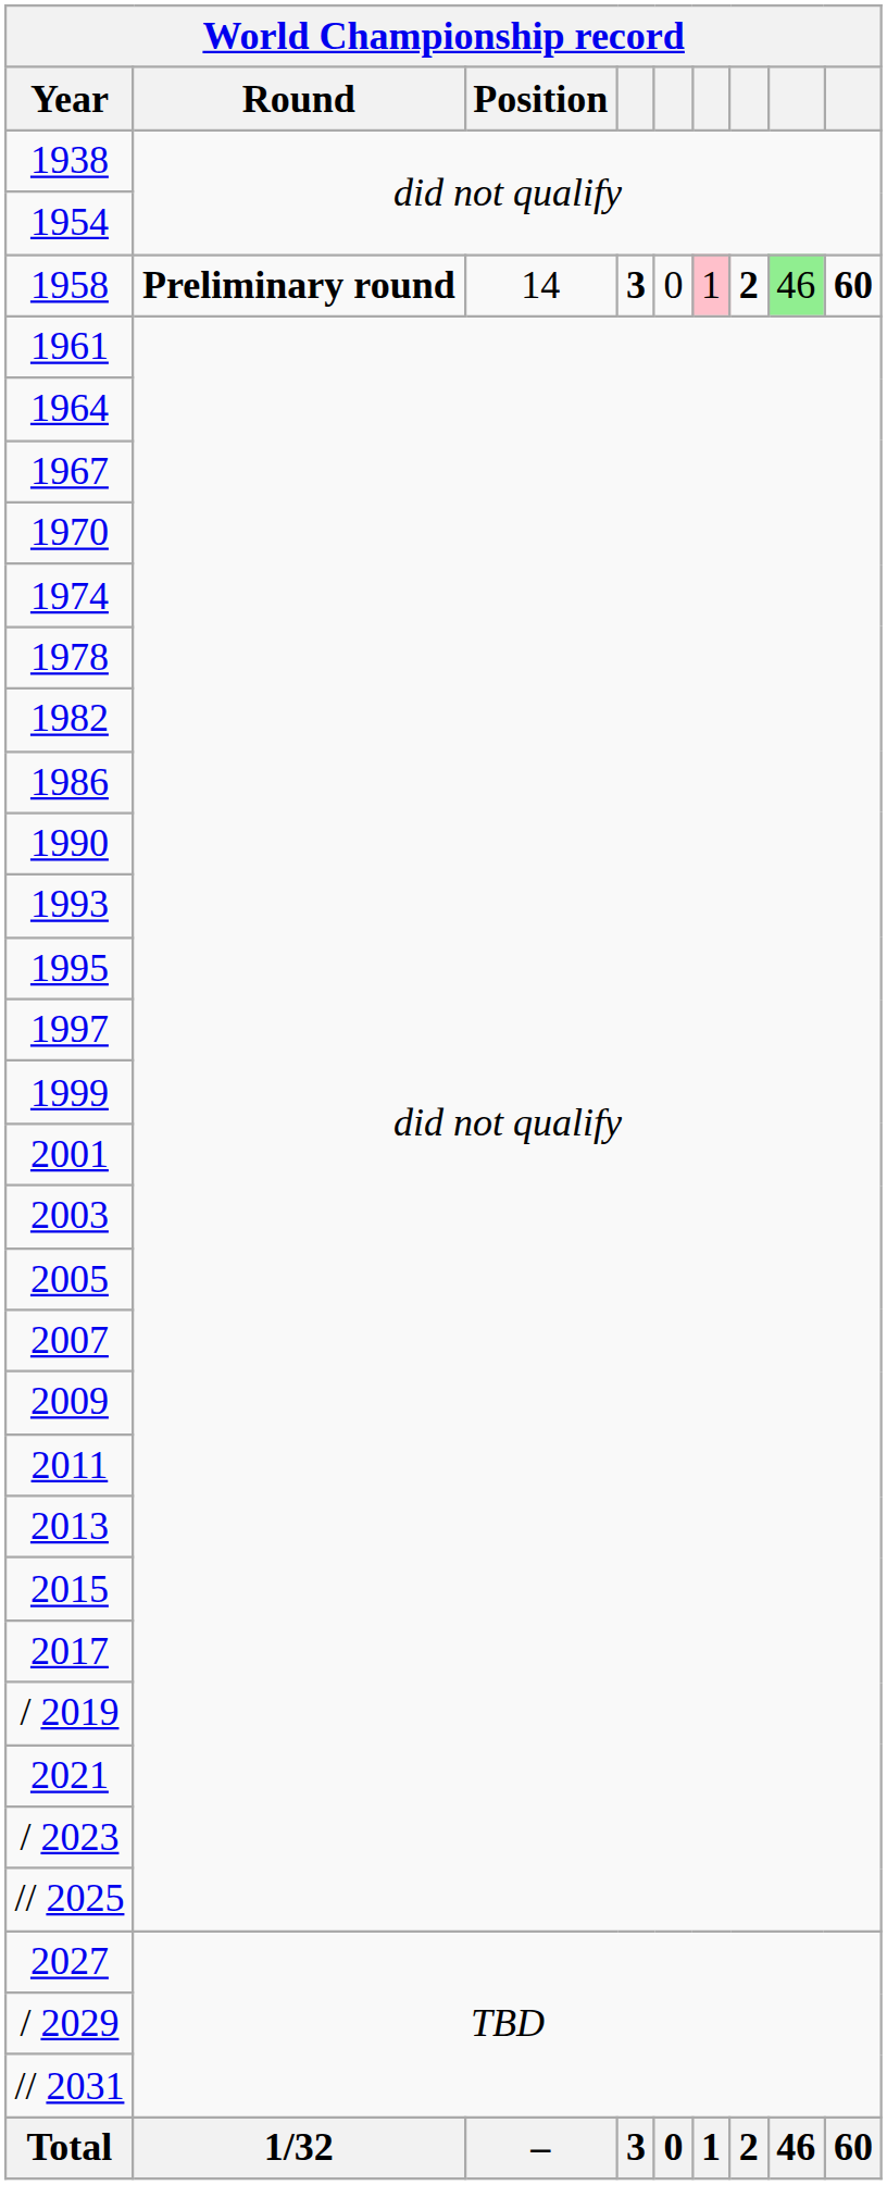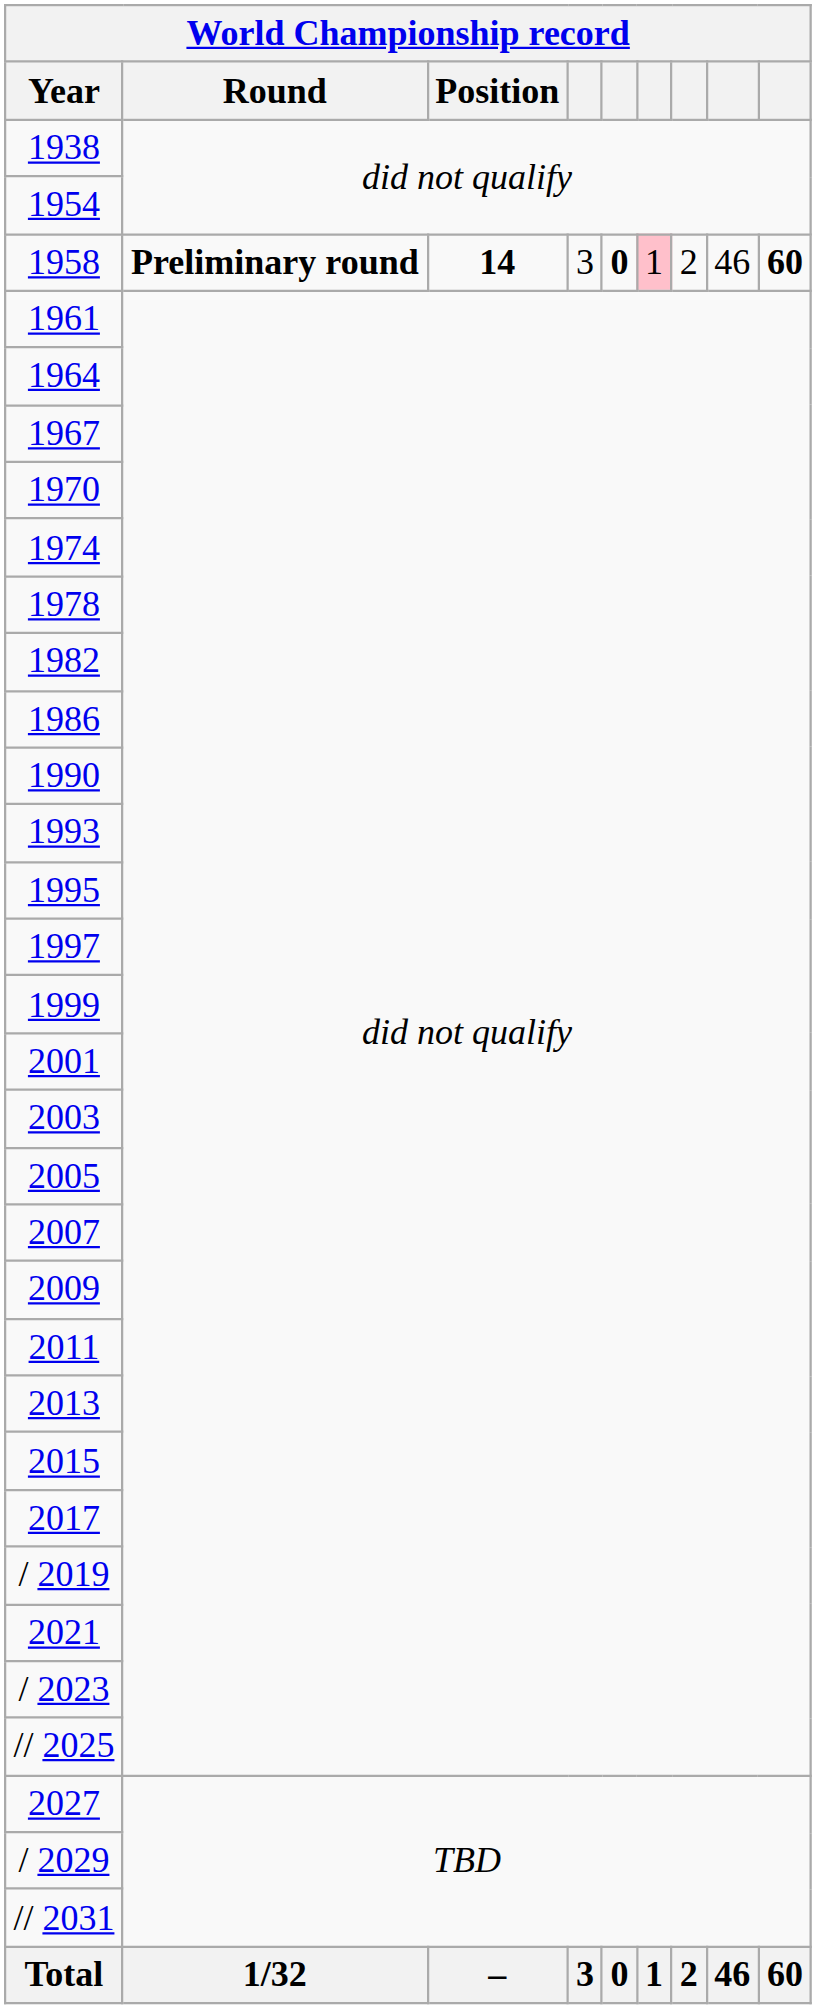 <table class="wikitable" style="text-align: center;">
 <tr>
 <th colspan=9><a href='#'>World Championship record</a></th>
 </tr>
 <tr>
 <th>Year</th>
 <th>Round</th>
 <th>Position</th>
 <th></th>
 <th></th>
 <th></th>
 <th></th>
 <th></th>
 <th></th>
 </tr>
 <tr>
 <td> <a href='#'>1938</a></td>
 <td colspan="8" rowspan="2"><em>did not qualify</em></td>
 </tr>
 <tr>
 <td> <a href='#'>1954</a></td>
 </tr>
 <tr>
 <td> <a href='#'>1958</a></td>
 <td><strong>Preliminary round</strong></td>
-<td>14</td>
-<td><strong>3</strong></td>
-<td>0</td>
+<td><strong>14</strong></td>
+<td>3</td>
+<td><strong>0</strong></td>
 <td style="background: pink;">1</td>
-<td><strong>2</strong></td>
-<td style="background: lightgreen;">46</td>
+<td>2</td>
+<td>46</td>
 <td><strong>60</strong></td>
 </tr>
 <tr>
 <td> <a href='#'>1961</a></td>
 <td colspan="8" rowspan="26"><em>did not qualify</em></td>
 </tr>
 <tr>
 <td> <a href='#'>1964</a></td>
 </tr>
 <tr>
 <td> <a href='#'>1967</a></td>
 </tr>
 <tr>
 <td> <a href='#'>1970</a></td>
 </tr>
 <tr>
 <td> <a href='#'>1974</a></td>
 </tr>
 <tr>
 <td> <a href='#'>1978</a></td>
 </tr>
 <tr>
 <td> <a href='#'>1982</a></td>
 </tr>
 <tr>
 <td> <a href='#'>1986</a></td>
 </tr>
 <tr>
 <td> <a href='#'>1990</a></td>
 </tr>
 <tr>
 <td> <a href='#'>1993</a></td>
 </tr>
 <tr>
 <td> <a href='#'>1995</a></td>
 </tr>
 <tr>
 <td> <a href='#'>1997</a></td>
 </tr>
 <tr>
 <td> <a href='#'>1999</a></td>
 </tr>
 <tr>
 <td> <a href='#'>2001</a></td>
 </tr>
 <tr>
 <td> <a href='#'>2003</a></td>
 </tr>
 <tr>
 <td> <a href='#'>2005</a></td>
 </tr>
 <tr>
 <td> <a href='#'>2007</a></td>
 </tr>
 <tr>
 <td> <a href='#'>2009</a></td>
 </tr>
 <tr>
 <td> <a href='#'>2011</a></td>
 </tr>
 <tr>
 <td> <a href='#'>2013</a></td>
 </tr>
 <tr>
 <td> <a href='#'>2015</a></td>
 </tr>
 <tr>
 <td> <a href='#'>2017</a></td>
 </tr>
 <tr>
 <td>/ <a href='#'>2019</a></td>
 </tr>
 <tr>
 <td> <a href='#'>2021</a></td>
 </tr>
 <tr>
 <td>/ <a href='#'>2023</a></td>
 </tr>
 <tr>
 <td>// <a href='#'>2025</a></td>
 </tr>
 <tr>
 <td> <a href='#'>2027</a></td>
 <td colspan="9" rowspan="3"><em>TBD</em></td>
 </tr>
 <tr>
 <td>/ <a href='#'>2029</a></td>
 </tr>
 <tr>
 <td>// <a href='#'>2031</a></td>
 </tr>
 <tr>
 <th>Total</th>
 <th>1/32</th>
 <th>–</th>
 <th>3</th>
 <th>0</th>
 <th>1</th>
 <th>2</th>
 <th>46</th>
 <th>60</th>
 </tr>
 </table>
